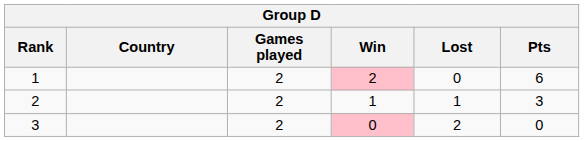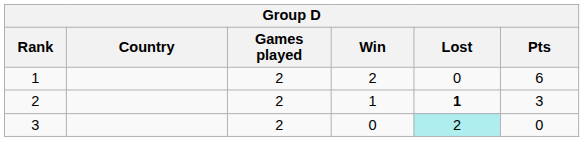 <table class="wikitable" style= "text-align: center; Width:50%">
 <tr>
 <th colspan= 6>Group D</th>
 </tr>
 <tr>
 <th width=2%>Rank</th>
 <th width=10%>Country</th>
 <th width=5%>Games <br> played</th>
 <th width=5%>Win</th>
 <th width=5%>Lost</th>
 <th width=5%>Pts</th>
 </tr>
 <tr>
 <td>1</td>
 <td style= "text-align: left"></td>
 <td>2</td>
-<td style="background: pink;">2</td>
+<td>2</td>
 <td>0</td>
 <td>6</td>
 </tr>
 <tr>
 <td>2</td>
 <td style= "text-align: left"></td>
 <td>2</td>
 <td>1</td>
-<td>1</td>
+<td><strong>1</strong></td>
 <td>3</td>
 </tr>
 <tr>
 <td>3</td>
 <td style= "text-align: left"></td>
 <td>2</td>
-<td style="background: pink;">0</td>
-<td>2</td>
+<td>0</td>
+<td style="background: paleturquoise;">2</td>
 <td>0</td>
 </tr>
 </table>
